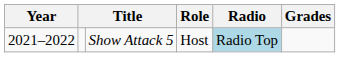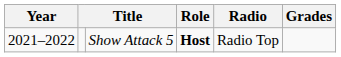 <table class="wikitable">
 <tr>
 <th>Year</th>
 <th colspan="2">Title</th>
 <th>Role</th>
 <th>Radio</th>
 <th>Grades</th>
 </tr>
 <tr>
 <td>2021–2022</td>
 <td></td>
 <td><em>Show Attack 5</em></td>
-<td>Host</td>
-<td style="background: lightblue;">Radio Top</td>
+<td><strong>Host</strong></td>
+<td>Radio Top</td>
 <td></td>
 </tr>
 </table>
